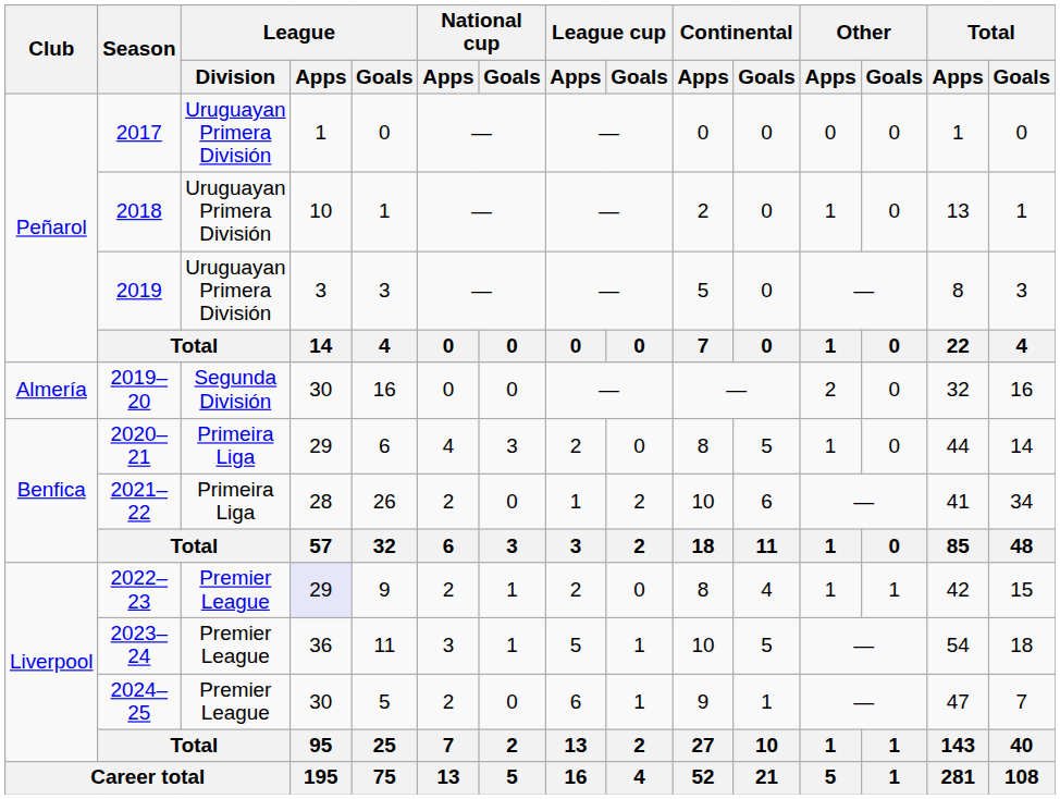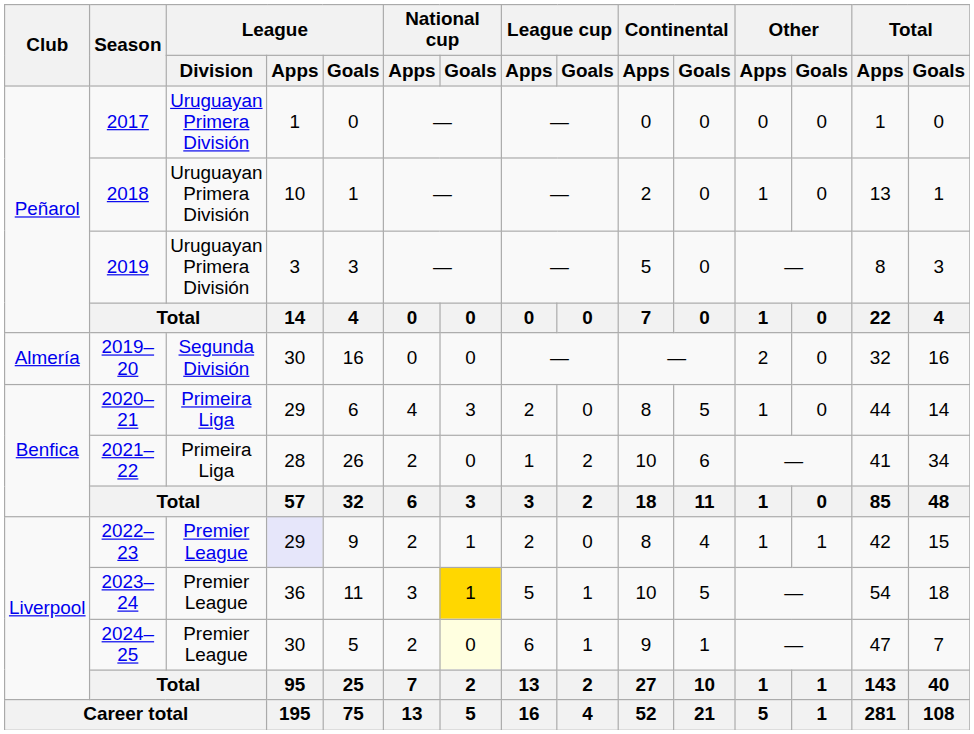 <table class="wikitable" Style="text-align: center;">
 <tr>
 <th rowspan="2">Club</th>
 <th rowspan="2">Season</th>
 <th colspan="3">League</th>
 <th colspan="2">National cup</th>
 <th colspan="2">League cup</th>
 <th colspan="2">Continental</th>
 <th colspan="2">Other</th>
 <th colspan="2">Total</th>
 </tr>
 <tr>
 <th>Division</th>
 <th>Apps</th>
 <th>Goals</th>
 <th>Apps</th>
 <th>Goals</th>
 <th>Apps</th>
 <th>Goals</th>
 <th>Apps</th>
 <th>Goals</th>
 <th>Apps</th>
 <th>Goals</th>
 <th>Apps</th>
 <th>Goals</th>
 </tr>
 <tr>
 <td rowspan="4"><a href='#'>Peñarol</a></td>
 <td><a href='#'>2017</a></td>
 <td><a href='#'>Uruguayan Primera División</a></td>
 <td>1</td>
 <td>0</td>
 <td colspan="2">—</td>
 <td colspan="2">—</td>
 <td>0</td>
 <td>0</td>
 <td>0</td>
 <td>0</td>
 <td>1</td>
 <td>0</td>
 </tr>
 <tr>
 <td><a href='#'>2018</a></td>
 <td>Uruguayan Primera División</td>
 <td>10</td>
 <td>1</td>
 <td colspan="2">—</td>
 <td colspan="2">—</td>
 <td>2</td>
 <td>0</td>
 <td>1</td>
 <td>0</td>
 <td>13</td>
 <td>1</td>
 </tr>
 <tr>
 <td><a href='#'>2019</a></td>
 <td>Uruguayan Primera División</td>
 <td>3</td>
 <td>3</td>
 <td colspan="2">—</td>
 <td colspan="2">—</td>
 <td>5</td>
 <td>0</td>
 <td colspan="2">—</td>
 <td>8</td>
 <td>3</td>
 </tr>
 <tr>
 <th colspan="2">Total</th>
 <th>14</th>
 <th>4</th>
 <th>0</th>
 <th>0</th>
 <th>0</th>
 <th>0</th>
 <th>7</th>
 <th>0</th>
 <th>1</th>
 <th>0</th>
 <th>22</th>
 <th>4</th>
 </tr>
 <tr>
 <td><a href='#'>Almería</a></td>
 <td><a href='#'>2019–20</a></td>
 <td><a href='#'>Segunda División</a></td>
 <td>30</td>
 <td>16</td>
 <td>0</td>
 <td>0</td>
 <td colspan="2">—</td>
 <td colspan="2">—</td>
 <td>2</td>
 <td>0</td>
 <td>32</td>
 <td>16</td>
 </tr>
 <tr>
 <td rowspan="3"><a href='#'>Benfica</a></td>
 <td><a href='#'>2020–21</a></td>
 <td><a href='#'>Primeira Liga</a></td>
 <td>29</td>
 <td>6</td>
 <td>4</td>
 <td>3</td>
 <td>2</td>
 <td>0</td>
 <td>8</td>
 <td>5</td>
 <td>1</td>
 <td>0</td>
 <td>44</td>
 <td>14</td>
 </tr>
 <tr>
 <td><a href='#'>2021–22</a></td>
 <td>Primeira Liga</td>
 <td>28</td>
 <td>26</td>
 <td>2</td>
 <td>0</td>
 <td>1</td>
 <td>2</td>
 <td>10</td>
 <td>6</td>
 <td colspan="2">—</td>
 <td>41</td>
 <td>34</td>
 </tr>
 <tr>
 <th colspan="2">Total</th>
 <th>57</th>
 <th>32</th>
 <th>6</th>
 <th>3</th>
 <th>3</th>
 <th>2</th>
 <th>18</th>
 <th>11</th>
 <th>1</th>
 <th>0</th>
 <th>85</th>
 <th>48</th>
 </tr>
 <tr>
 <td rowspan="4"><a href='#'>Liverpool</a></td>
 <td><a href='#'>2022–23</a></td>
 <td><a href='#'>Premier League</a></td>
 <td style="background: lavender;">29</td>
 <td>9</td>
 <td>2</td>
 <td>1</td>
 <td>2</td>
 <td>0</td>
 <td>8</td>
 <td>4</td>
 <td>1</td>
 <td>1</td>
 <td>42</td>
 <td>15</td>
 </tr>
 <tr>
 <td><a href='#'>2023–24</a></td>
 <td>Premier League</td>
 <td>36</td>
 <td>11</td>
 <td>3</td>
-<td>1</td>
+<td style="background: gold;">1</td>
 <td>5</td>
 <td>1</td>
 <td>10</td>
 <td>5</td>
 <td colspan="2">—</td>
 <td>54</td>
 <td>18</td>
 </tr>
 <tr>
 <td><a href='#'>2024–25</a></td>
 <td>Premier League</td>
 <td>30</td>
 <td>5</td>
 <td>2</td>
-<td>0</td>
+<td style="background: lightyellow;">0</td>
 <td>6</td>
 <td>1</td>
 <td>9</td>
 <td>1</td>
 <td colspan="2">—</td>
 <td>47</td>
 <td>7</td>
 </tr>
 <tr>
 <th colspan="2">Total</th>
 <th>95</th>
 <th>25</th>
 <th>7</th>
 <th>2</th>
 <th>13</th>
 <th>2</th>
 <th>27</th>
 <th>10</th>
 <th>1</th>
 <th>1</th>
 <th>143</th>
 <th>40</th>
 </tr>
 <tr>
 <th colspan="3">Career total</th>
 <th>195</th>
 <th>75</th>
 <th>13</th>
 <th>5</th>
 <th>16</th>
 <th>4</th>
 <th>52</th>
 <th>21</th>
 <th>5</th>
 <th>1</th>
 <th>281</th>
 <th>108</th>
 </tr>
 </table>
